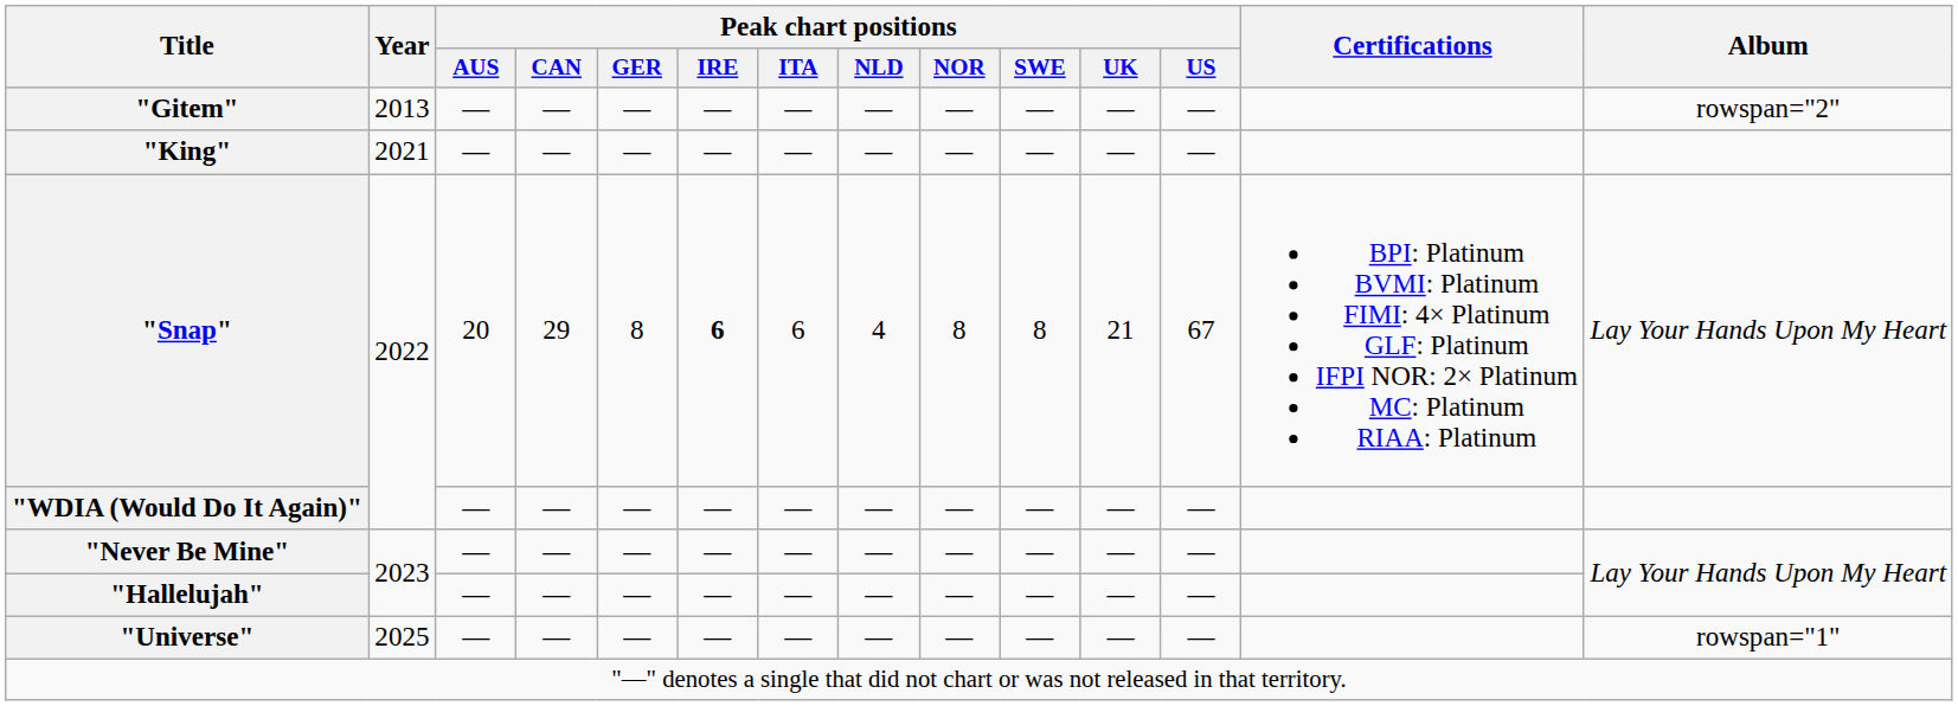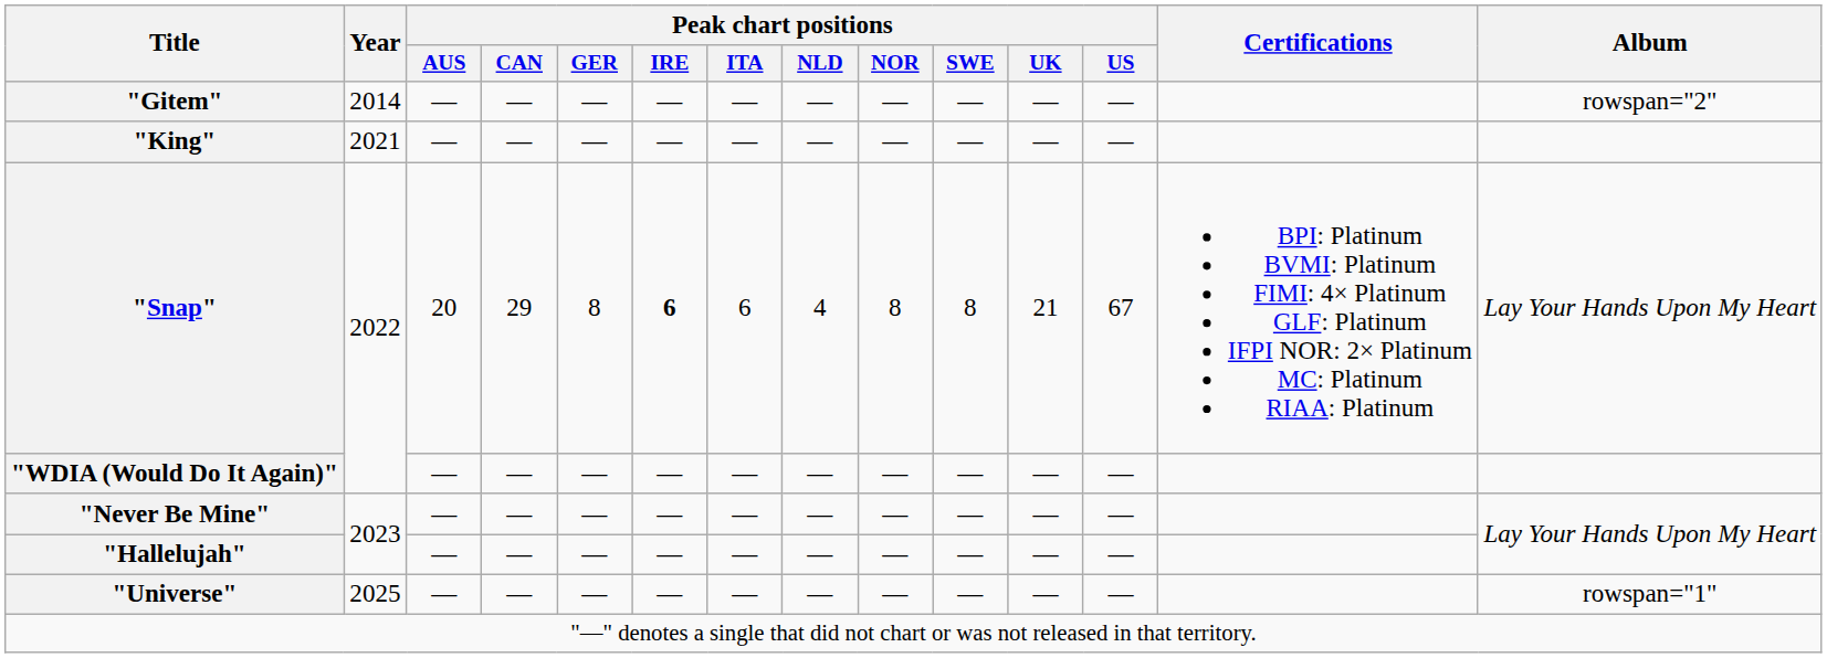 <table class="wikitable plainrowheaders" style="text-align:center;">
 <tr>
 <th scope="col" rowspan="2">Title</th>
 <th scope="col" rowspan="2">Year</th>
 <th scope="col" colspan="10">Peak chart positions</th>
 <th scope="col" rowspan="2"><a href='#'>Certifications</a></th>
 <th scope="col" rowspan="2">Album</th>
 </tr>
 <tr>
 <th style="width:3em;font-size:85%"><a href='#'>AUS</a><br></th>
 <th style="width:3em;font-size:85%"><a href='#'>CAN</a><br></th>
 <th style="width:3em;font-size:85%"><a href='#'>GER</a><br></th>
 <th style="width:3em;font-size:85%"><a href='#'>IRE</a><br></th>
 <th style="width:3em;font-size:85%"><a href='#'>ITA</a><br></th>
 <th style="width:3em;font-size:85%"><a href='#'>NLD</a><br></th>
 <th style="width:3em;font-size:85%"><a href='#'>NOR</a><br></th>
 <th style="width:3em;font-size:85%"><a href='#'>SWE</a><br></th>
 <th style="width:3em;font-size:85%"><a href='#'>UK</a><br></th>
 <th style="width:3em;font-size:85%"><a href='#'>US</a><br></th>
 </tr>
 <tr>
 <th scope="row">"Gitem"</th>
-<td>2013</td>
+<td>2014</td>
 <td>—</td>
 <td>—</td>
 <td>—</td>
 <td>—</td>
 <td>—</td>
 <td>—</td>
 <td>—</td>
 <td>—</td>
 <td>—</td>
 <td>—</td>
 <td></td>
 <td>rowspan="2" </td>
 </tr>
 <tr>
 <th scope="row">"King"<br></th>
 <td>2021</td>
 <td>—</td>
 <td>—</td>
 <td>—</td>
 <td>—</td>
 <td>—</td>
 <td>—</td>
 <td>—</td>
 <td>—</td>
 <td>—</td>
 <td>—</td>
 <td></td>
 </tr>
 <tr>
 <th scope="row">"<a href='#'>Snap</a>"</th>
 <td rowspan="2">2022</td>
 <td>20</td>
 <td>29</td>
 <td>8</td>
 <td><strong>6</strong></td>
 <td>6</td>
 <td>4</td>
 <td>8</td>
 <td>8</td>
 <td>21</td>
 <td>67</td>
 <td><br><ul><li><a href='#'>BPI</a>: Platinum</li><li><a href='#'>BVMI</a>: Platinum</li><li><a href='#'>FIMI</a>: 4× Platinum</li><li><a href='#'>GLF</a>: Platinum</li><li><a href='#'>IFPI</a> NOR: 2× Platinum</li><li><a href='#'>MC</a>: Platinum</li><li><a href='#'>RIAA</a>: Platinum</li></ul></td>
 <td><em>Lay Your Hands Upon My Heart</em></td>
 </tr>
 <tr>
 <th scope="row">"WDIA (Would Do It Again)"<br></th>
 <td>—</td>
 <td>—</td>
 <td>—</td>
 <td>—</td>
 <td>—</td>
 <td>—</td>
 <td>—</td>
 <td>—</td>
 <td>—</td>
 <td>—</td>
 <td></td>
 <td></td>
 </tr>
 <tr>
 <th scope="row">"Never Be Mine"</th>
 <td rowspan="2">2023</td>
 <td>—</td>
 <td>—</td>
 <td>—</td>
 <td>—</td>
 <td>—</td>
 <td>—</td>
 <td>—</td>
 <td>—</td>
 <td>—</td>
 <td>—</td>
 <td></td>
 <td rowspan="2"><em>Lay Your Hands Upon My Heart</em></td>
 </tr>
 <tr>
 <th scope="row">"Hallelujah"</th>
 <td>—</td>
 <td>—</td>
 <td>—</td>
 <td>—</td>
 <td>—</td>
 <td>—</td>
 <td>—</td>
 <td>—</td>
 <td>—</td>
 <td>—</td>
 </tr>
 <tr>
 <th scope="row">"Universe"</th>
 <td>2025</td>
 <td>—</td>
 <td>—</td>
 <td>—</td>
 <td>—</td>
 <td>—</td>
 <td>—</td>
 <td>—</td>
 <td>—</td>
 <td>—</td>
 <td>—</td>
 <td></td>
 <td>rowspan="1" </td>
 </tr>
 <tr>
 <td colspan="17" style="font-size:90%">"—" denotes a single that did not chart or was not released in that territory.</td>
 </tr>
 </table>
